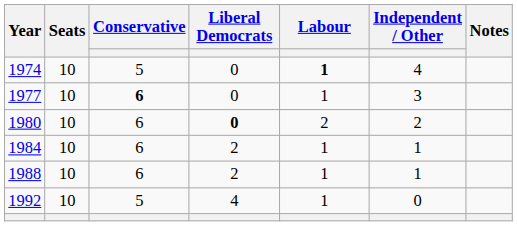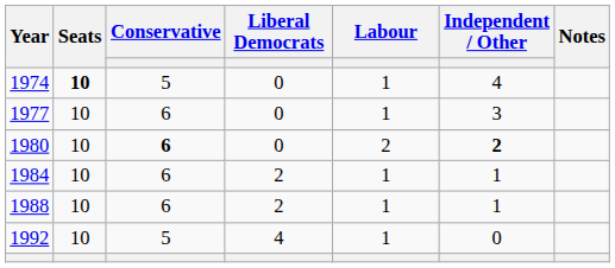 <table class="wikitable" style=text-align:center>
 <tr>
 <th rowspan=2><strong>Year</strong></th>
 <th rowspan=2><strong>Seats</strong></th>
 <th width="80"><strong><a href='#'>Conservative</a></strong></th>
 <th width="80"><a href='#'><strong>Liberal Democrats</strong></a></th>
 <th width="80"><a href='#'><strong>Labour</strong></a></th>
 <th width="80"><a href='#'><strong>Independent / Other</strong></a></th>
 <th rowspan=2><strong>Notes</strong></th>
 </tr>
 <tr>
 <th style="background-color: "></th>
 <th style="background-color: "></th>
 <th style="background-color: "></th>
 <th style="background-color: "></th>
 </tr>
 <tr>
 <td><a href='#'>1974</a></td>
-<td>10</td>
+<td><strong>10</strong></td>
 <td>5</td>
 <td>0</td>
-<td><strong>1</strong></td>
+<td>1</td>
 <td>4</td>
 <td align=left></td>
 </tr>
 <tr>
 <td><a href='#'>1977</a></td>
 <td>10</td>
-<td><strong>6</strong></td>
+<td>6</td>
 <td>0</td>
 <td>1</td>
 <td>3</td>
 <td align=left></td>
 </tr>
 <tr>
 <td><a href='#'>1980</a></td>
 <td>10</td>
-<td>6</td>
-<td><strong>0</strong></td>
+<td><strong>6</strong></td>
+<td>0</td>
 <td>2</td>
-<td>2</td>
+<td><strong>2</strong></td>
 <td align=left></td>
 </tr>
 <tr>
 <td><a href='#'>1984</a></td>
 <td>10</td>
 <td>6</td>
 <td>2</td>
 <td>1</td>
 <td>1</td>
 <td align=left></td>
 </tr>
 <tr>
 <td><a href='#'>1988</a></td>
 <td>10</td>
 <td>6</td>
 <td>2</td>
 <td>1</td>
 <td>1</td>
 <td align=left></td>
 </tr>
 <tr>
 <td><a href='#'>1992</a></td>
 <td>10</td>
 <td>5</td>
 <td>4</td>
 <td>1</td>
 <td>0</td>
 <td align=left></td>
 </tr>
 <tr>
 <th></th>
 <th></th>
 <th style="background-color: "></th>
 <th style="background-color: "></th>
 <th style="background-color: "></th>
 <th style="background-color: "></th>
 <th></th>
 </tr>
 </table>
